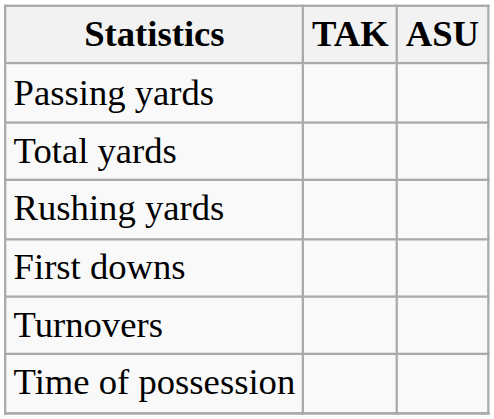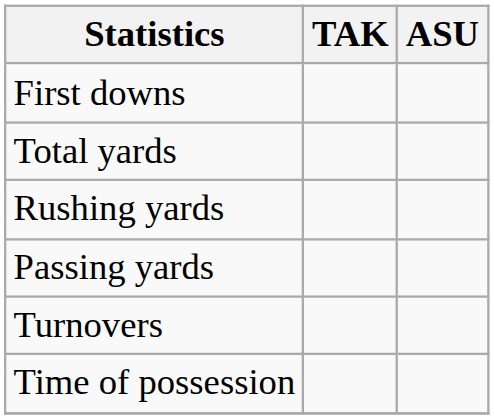 <table class="wikitable" style="float: left;">
 <tr>
 <th>Statistics</th>
 <th>TAK</th>
 <th>ASU</th>
 </tr>
 <tr>
-<td>Passing yards</td>
+<td>First downs</td>
 <td></td>
 <td></td>
 </tr>
 <tr>
 <td>Total yards</td>
 <td></td>
 <td></td>
 </tr>
 <tr>
 <td>Rushing yards</td>
 <td></td>
 <td></td>
 </tr>
 <tr>
-<td>First downs</td>
+<td>Passing yards</td>
 <td></td>
 <td></td>
 </tr>
 <tr>
 <td>Turnovers</td>
 <td></td>
 <td></td>
 </tr>
 <tr>
 <td>Time of possession</td>
 <td></td>
 <td></td>
 </tr>
 <tr>
 </tr>
 </table>
